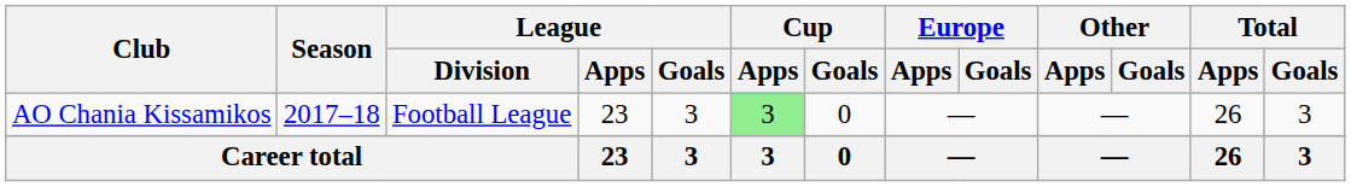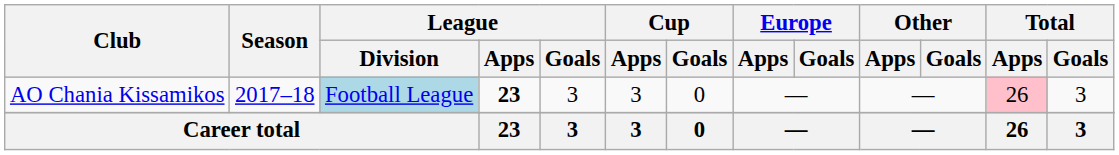 <table class="wikitable" style="text-align:center">
 <tr>
 <th rowspan="2">Club</th>
 <th rowspan="2">Season</th>
 <th colspan="3">League</th>
 <th colspan="2">Cup</th>
 <th colspan="2"><a href='#'>Europe</a></th>
 <th colspan="2">Other</th>
 <th colspan="2">Total</th>
 </tr>
 <tr>
 <th>Division</th>
 <th>Apps</th>
 <th>Goals</th>
 <th>Apps</th>
 <th>Goals</th>
 <th>Apps</th>
 <th>Goals</th>
 <th>Apps</th>
 <th>Goals</th>
 <th>Apps</th>
 <th>Goals</th>
 </tr>
 <tr>
 <td rowspan="1" valign="center"><a href='#'>AO Chania Kissamikos</a></td>
 <td><a href='#'>2017–18</a></td>
-<td rowspan="1"><a href='#'>Football League</a></td>
-<td>23</td>
+<td rowspan="1" style="background: lightblue;"><a href='#'>Football League</a></td>
+<td><strong>23</strong></td>
 <td>3</td>
-<td style="background: lightgreen;">3</td>
+<td>3</td>
 <td>0</td>
 <td colspan="2">—</td>
 <td colspan="2">—</td>
-<td>26</td>
+<td style="background: pink;">26</td>
 <td>3</td>
 </tr>
 <tr>
 </tr>
 <tr>
 <th colspan="3">Career total</th>
 <th>23</th>
 <th>3</th>
 <th>3</th>
 <th>0</th>
 <th colspan="2">—</th>
 <th colspan="2">—</th>
 <th>26</th>
 <th>3</th>
 </tr>
 </table>
